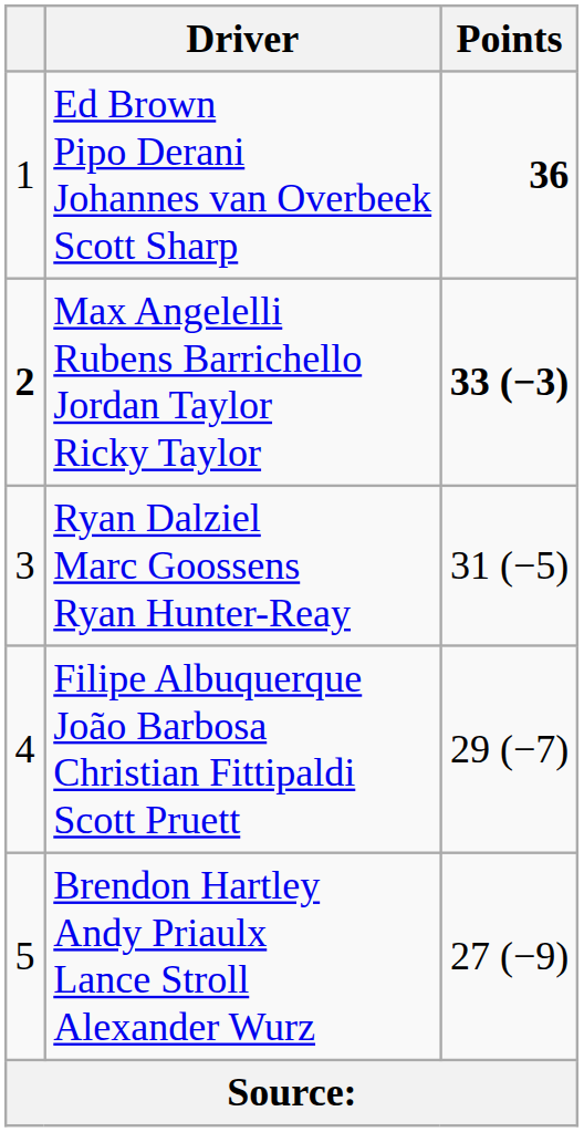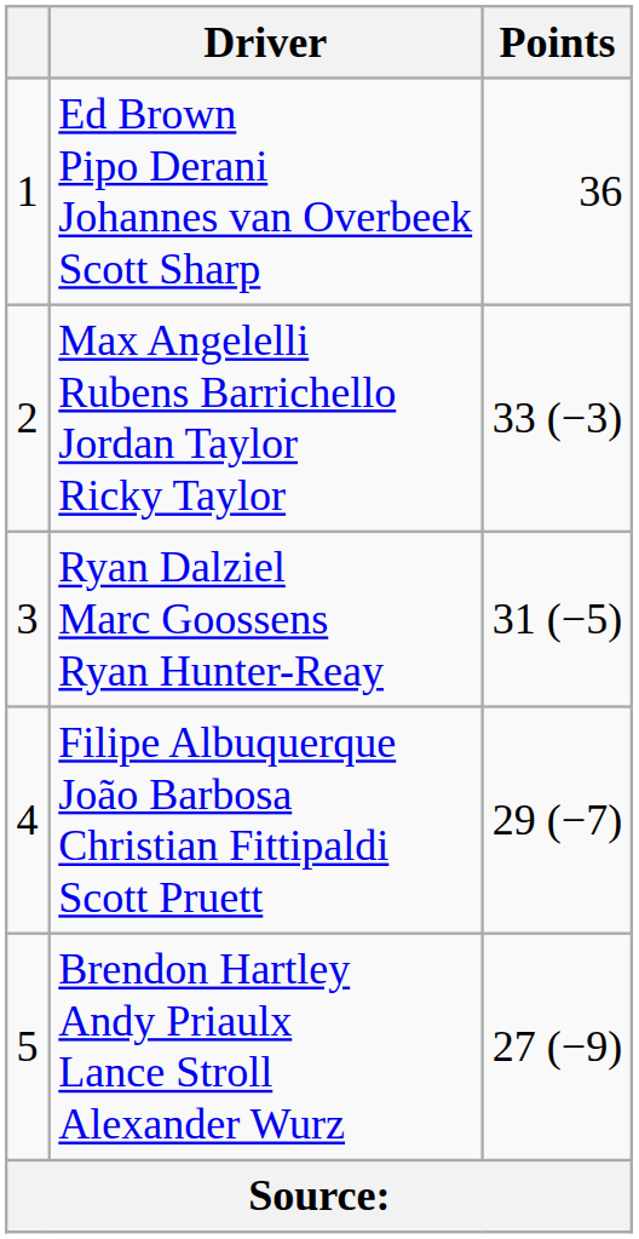 <table class="wikitable" style="font-size: 95%;">
 <tr>
 <th scope="col"></th>
 <th scope="col">Driver</th>
 <th scope="col">Points</th>
 </tr>
 <tr>
 <td align=center>1</td>
 <td> <a href='#'>Ed Brown</a><br> <a href='#'>Pipo Derani</a><br> <a href='#'>Johannes van Overbeek</a><br> <a href='#'>Scott Sharp</a></td>
-<td align=right><strong>36</strong></td>
+<td align=right>36</td>
 </tr>
 <tr>
-<td align=center><strong>2</strong></td>
+<td align=center>2</td>
 <td> <a href='#'>Max Angelelli</a><br> <a href='#'>Rubens Barrichello</a><br> <a href='#'>Jordan Taylor</a><br> <a href='#'>Ricky Taylor</a></td>
-<td align=right><strong>33 (−3)</strong></td>
+<td align=right>33 (−3)</td>
 </tr>
 <tr>
 <td align=center>3</td>
 <td> <a href='#'>Ryan Dalziel</a><br> <a href='#'>Marc Goossens</a><br> <a href='#'>Ryan Hunter-Reay</a></td>
 <td align=right>31 (−5)</td>
 </tr>
 <tr>
 <td align=center>4</td>
 <td> <a href='#'>Filipe Albuquerque</a><br> <a href='#'>João Barbosa</a><br> <a href='#'>Christian Fittipaldi</a><br> <a href='#'>Scott Pruett</a></td>
 <td align=right>29 (−7)</td>
 </tr>
 <tr>
 <td align=center>5</td>
 <td> <a href='#'>Brendon Hartley</a><br> <a href='#'>Andy Priaulx</a><br> <a href='#'>Lance Stroll</a><br> <a href='#'>Alexander Wurz</a></td>
 <td align=right>27 (−9)</td>
 </tr>
 <tr>
 <th colspan=4>Source:</th>
 </tr>
 </table>
